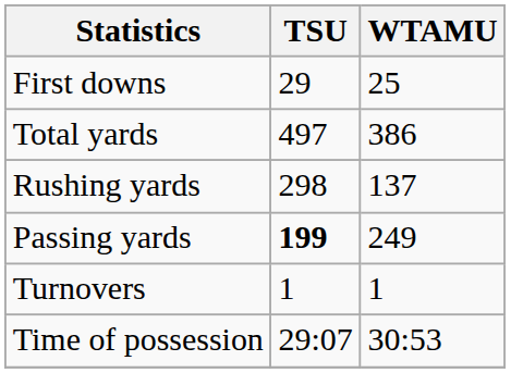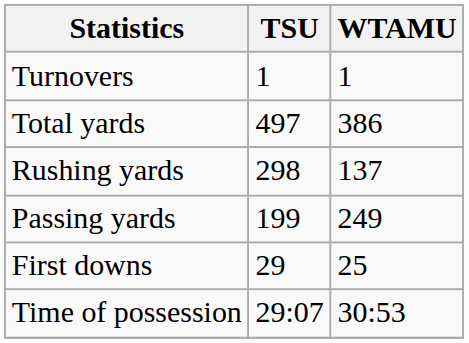 <table class="wikitable">
 <tr>
 <th>Statistics</th>
 <th>TSU</th>
 <th>WTAMU</th>
 </tr>
 <tr>
-<td>First downs</td>
-<td>29</td>
-<td>25</td>
+<td>Turnovers</td>
+<td>1</td>
+<td>1</td>
 </tr>
 <tr>
 <td>Total yards</td>
 <td>497</td>
 <td>386</td>
 </tr>
 <tr>
 <td>Rushing yards</td>
 <td>298</td>
 <td>137</td>
 </tr>
 <tr>
 <td>Passing yards</td>
-<td><strong>199</strong></td>
+<td>199</td>
 <td>249</td>
 </tr>
 <tr>
-<td>Turnovers</td>
-<td>1</td>
-<td>1</td>
+<td>First downs</td>
+<td>29</td>
+<td>25</td>
 </tr>
 <tr>
 <td>Time of possession</td>
 <td>29:07</td>
 <td>30:53</td>
 </tr>
 <tr>
 </tr>
 </table>
